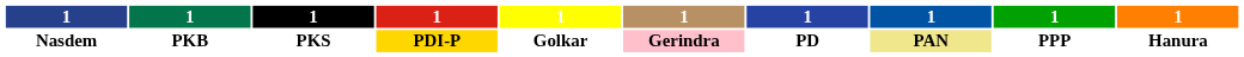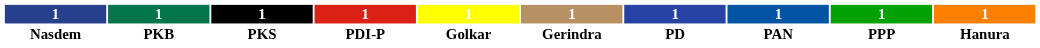 <table style="width:88%; text-align:center;">
 <tr style="color:white;">
 <td style="background:#27408B; width:10%;"><strong>1</strong></td>
 <td style="background:#02754C; width:10%;"><strong>1</strong></td>
 <td style="background:#000000; width:10%;"><strong>1</strong></td>
 <td style="background:#DB2016; width:10%;"><strong>1</strong></td>
 <td style="background:#FFFF00; width:10%;"><strong>1</strong></td>
 <td style="background:#B79164; width:10%;"><strong>1</strong></td>
 <td style="background:#2643A3; width:10%;"><strong>1</strong></td>
 <td style="background:#0054A3; width:10%;"><strong>1</strong></td>
 <td style="background:#00A100; width:10%;"><strong>1</strong></td>
 <td style="background:#FF7F00; width:10%;"><strong>1</strong></td>
 </tr>
 <tr>
 <td><span><strong>Nasdem</strong></span></td>
 <td><span><strong>PKB</strong></span></td>
 <td><span><strong>PKS</strong></span></td>
-<td style="background: gold;"><span><strong>PDI-P</strong></span></td>
+<td><span><strong>PDI-P</strong></span></td>
 <td><span><strong>Golkar</strong></span></td>
-<td style="background: pink;"><span><strong>Gerindra</strong></span></td>
+<td><span><strong>Gerindra</strong></span></td>
 <td><span><strong>PD</strong></span></td>
-<td style="background: khaki;"><span><strong>PAN</strong></span></td>
+<td><span><strong>PAN</strong></span></td>
 <td><span><strong>PPP</strong></span></td>
 <td><span><strong>Hanura</strong></span></td>
 </tr>
 </table>
